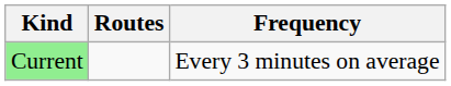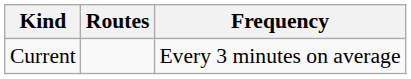 <table class="wikitable" style="margin: 1em auto;">
 <tr>
 <th>Kind</th>
 <th>Routes</th>
 <th>Frequency</th>
 </tr>
 <tr>
-<td style="background: lightgreen;">Current</td>
+<td>Current</td>
 <td>  </td>
 <td>Every 3 minutes on average</td>
 </tr>
 </table>
